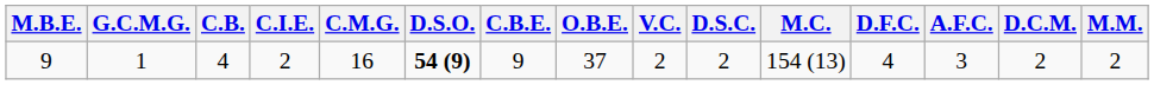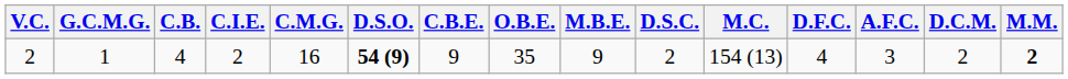 <table class="wikitable" border="1" style="margin: 1em auto 1em auto">
 <tr>
-<th><a href='#'>M.B.E.</a></th>
+<th><a href='#'>V.C.</a></th>
 <th><a href='#'>G.C.M.G.</a></th>
 <th><a href='#'>C.B.</a></th>
 <th><a href='#'>C.I.E.</a></th>
 <th><a href='#'>C.M.G.</a></th>
 <th><a href='#'>D.S.O.</a></th>
 <th><a href='#'>C.B.E.</a></th>
 <th><a href='#'>O.B.E.</a></th>
-<th><a href='#'>V.C.</a></th>
+<th><a href='#'>M.B.E.</a></th>
 <th><a href='#'>D.S.C.</a></th>
 <th><a href='#'>M.C.</a></th>
 <th><a href='#'>D.F.C.</a></th>
 <th><a href='#'>A.F.C.</a></th>
 <th><a href='#'>D.C.M.</a></th>
 <th><a href='#'>M.M.</a></th>
 </tr>
 <tr>
-<td align="center">9</td>
+<td align="center">2</td>
 <td align="center">1</td>
 <td align="center">4</td>
 <td align="center">2</td>
 <td align="center">16</td>
 <td align="center"><strong>54 (9)</strong></td>
 <td align="center">9</td>
-<td align="center">37</td>
-<td align="center">2</td>
+<td align="center">35</td>
+<td align="center">9</td>
 <td align="center">2</td>
 <td align="center">154 (13)</td>
 <td align="center">4</td>
 <td align="center">3</td>
 <td align="center">2</td>
-<td align="center">2</td>
+<td align="center"><strong>2</strong></td>
 </tr>
 </table>
